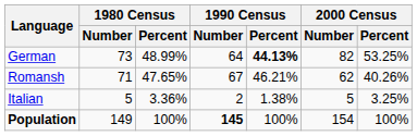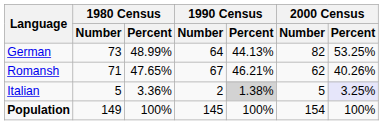 <table class="wikitable">
 <tr ---->
 <th rowspan="2">Language</th>
 <th colspan="2">1980 Census</th>
 <th colspan="2">1990 Census</th>
 <th colspan="2">2000 Census</th>
 </tr>
 <tr ---->
 <th>Number</th>
 <th>Percent</th>
 <th>Number</th>
 <th>Percent</th>
 <th>Number</th>
 <th>Percent</th>
 </tr>
 <tr ---->
 <td><a href='#'>German</a></td>
 <td align=right>73</td>
 <td align=right>48.99%</td>
 <td align=right>64</td>
-<td align=right><strong>44.13%</strong></td>
+<td align=right>44.13%</td>
 <td align=right>82</td>
 <td align=right>53.25%</td>
 </tr>
 <tr ---->
 <td><a href='#'>Romansh</a></td>
 <td align=right>71</td>
 <td align=right>47.65%</td>
 <td align=right>67</td>
 <td align=right>46.21%</td>
 <td align=right>62</td>
 <td align=right>40.26%</td>
 </tr>
 <tr ---->
 <td><a href='#'>Italian</a></td>
 <td align=right>5</td>
 <td align=right>3.36%</td>
 <td align=right>2</td>
-<td align=right>1.38%</td>
+<td align=right style="background: lightgrey;">1.38%</td>
 <td align=right>5</td>
-<td align=right>3.25%</td>
+<td align=right style="background: lavender;">3.25%</td>
 </tr>
 <tr ---->
 <td><strong>Population</strong></td>
 <td align=right>149</td>
 <td align=right>100%</td>
-<td align=right><strong>145</strong></td>
+<td align=right>145</td>
 <td align=right>100%</td>
 <td align=right>154</td>
 <td align=right>100%</td>
 </tr>
 </table>
